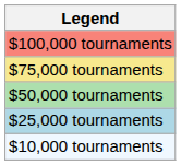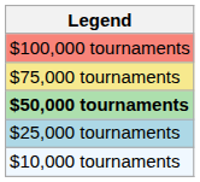 <table class="wikitable" style="font-size:85%">
 <tr>
 <th>Legend</th>
 </tr>
 <tr style="background:#f88379;">
 <td>$100,000 tournaments</td>
 </tr>
 <tr style="background:#f7e98e;">
 <td>$75,000 tournaments</td>
 </tr>
 <tr style="background:#addfad;">
-<td>$50,000 tournaments</td>
+<td><strong>$50,000 tournaments</strong></td>
 </tr>
 <tr style="background:lightblue;">
 <td>$25,000 tournaments</td>
 </tr>
 <tr style="background:#f0f8ff;">
 <td>$10,000 tournaments</td>
 </tr>
 <tr style="background:#efefef;">
 </tr>
 </table>
